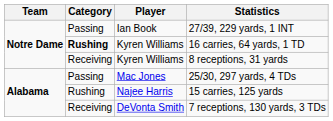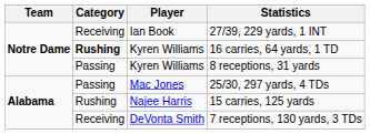 <table class="wikitable" style="float: left;">
 <tr>
 <th>Team</th>
 <th>Category</th>
 <th>Player</th>
 <th>Statistics</th>
 </tr>
 <tr>
 <td rowspan=3><strong>Notre Dame</strong></td>
-<td>Passing</td>
+<td>Receiving</td>
 <td>Ian Book</td>
 <td>27/39, 229 yards, 1 INT</td>
 </tr>
 <tr>
 <td><strong>Rushing</strong></td>
 <td>Kyren Williams</td>
 <td>16 carries, 64 yards, 1 TD</td>
 </tr>
 <tr>
-<td>Receiving</td>
+<td>Passing</td>
 <td>Kyren Williams</td>
 <td>8 receptions, 31 yards</td>
 </tr>
 <tr>
 <td rowspan=3><strong>Alabama</strong></td>
 <td>Passing</td>
 <td><a href='#'>Mac Jones</a></td>
 <td>25/30, 297 yards, 4 TDs</td>
 </tr>
 <tr>
 <td>Rushing</td>
 <td><a href='#'>Najee Harris</a></td>
 <td>15 carries, 125 yards</td>
 </tr>
 <tr>
 <td>Receiving</td>
 <td><a href='#'>DeVonta Smith</a></td>
 <td>7 receptions, 130 yards, 3 TDs</td>
 </tr>
 </table>
